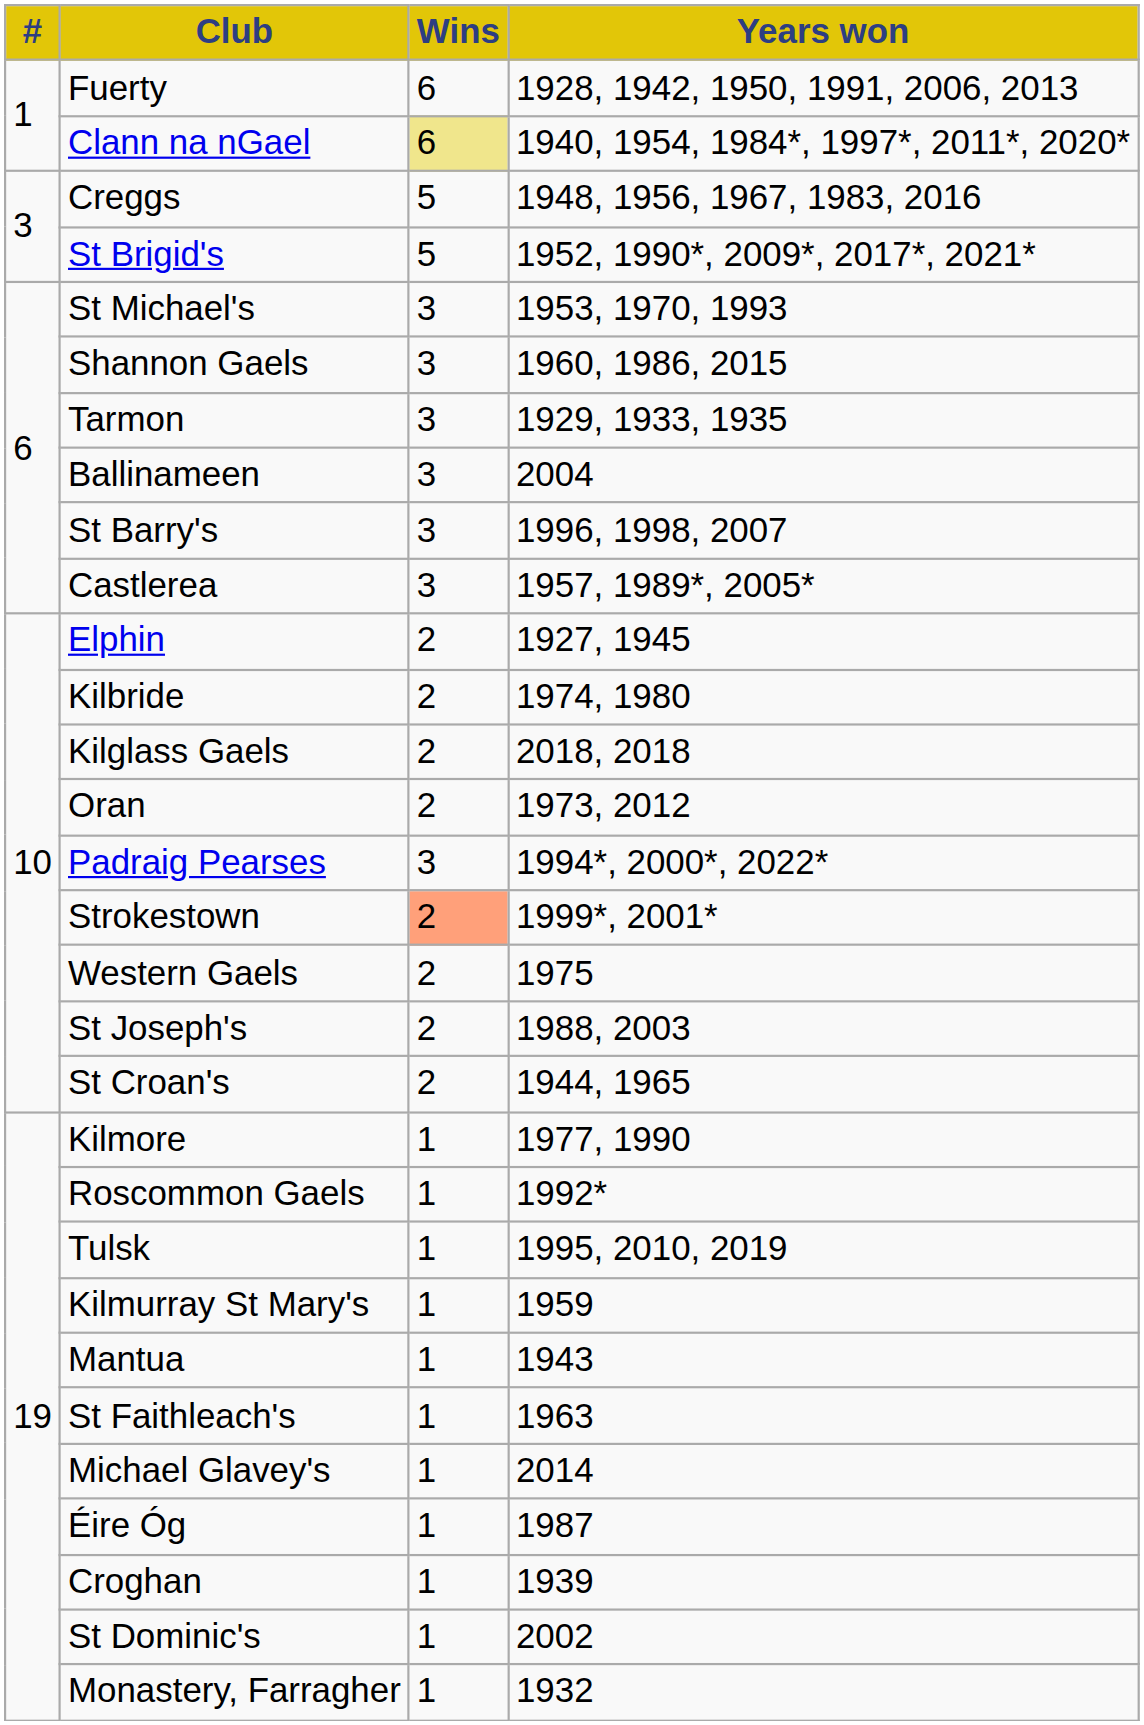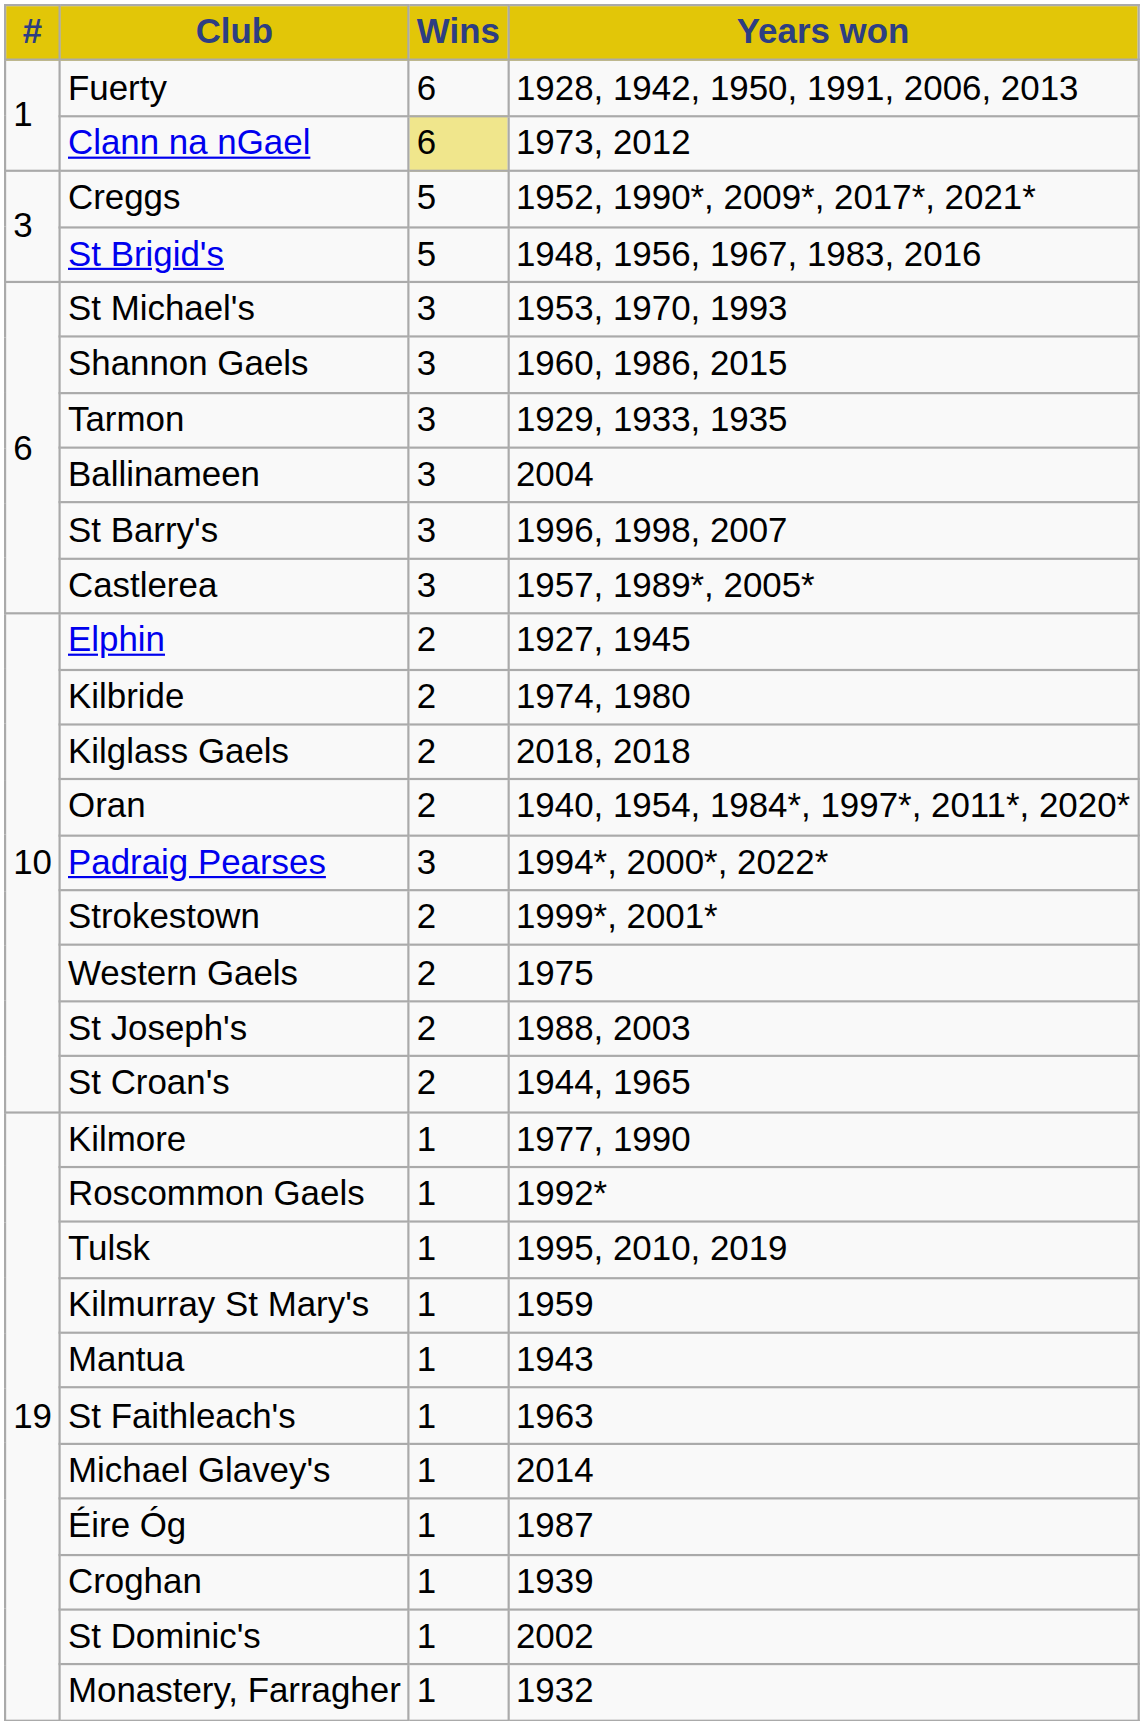 <table class="wikitable">
 <tr>
 <th style="background:#E2C608;color:#2D3E82;">#</th>
 <th style="background:#E2C608;color:#2D3E82;">Club</th>
 <th style="background:#E2C608;color:#2D3E82;">Wins</th>
 <th style="background:#E2C608;color:#2D3E82;">Years won</th>
 </tr>
 <tr>
 <td rowspan=2>1</td>
 <td>Fuerty</td>
 <td>6</td>
 <td>1928, 1942, 1950, 1991, 2006, 2013</td>
 </tr>
 <tr>
 <td><a href='#'>Clann na nGael</a></td>
 <td style="background: khaki;">6</td>
-<td>1940, 1954, 1984*, 1997*, 2011*, 2020*</td>
+<td>1973, 2012</td>
 </tr>
 <tr>
 <td rowspan=2>3</td>
 <td>Creggs</td>
 <td>5</td>
-<td>1948, 1956, 1967, 1983, 2016</td>
+<td>1952, 1990*, 2009*, 2017*, 2021*</td>
 </tr>
 <tr>
 <td><a href='#'>St Brigid's</a></td>
 <td>5</td>
-<td>1952, 1990*, 2009*, 2017*, 2021*</td>
+<td>1948, 1956, 1967, 1983, 2016</td>
 </tr>
 <tr>
 <td rowspan=6>6</td>
 <td>St Michael's</td>
 <td>3</td>
 <td>1953, 1970, 1993</td>
 </tr>
 <tr>
 <td>Shannon Gaels</td>
 <td>3</td>
 <td>1960, 1986, 2015</td>
 </tr>
 <tr>
 <td>Tarmon</td>
 <td>3</td>
 <td>1929, 1933, 1935</td>
 </tr>
 <tr>
 <td>Ballinameen</td>
 <td>3</td>
 <td>2004</td>
 </tr>
 <tr>
 <td>St Barry's</td>
 <td>3</td>
 <td>1996, 1998, 2007</td>
 </tr>
 <tr>
 <td>Castlerea</td>
 <td>3</td>
 <td>1957, 1989*, 2005*</td>
 </tr>
 <tr>
 <td rowspan=9>10</td>
 <td><a href='#'>Elphin</a></td>
 <td>2</td>
 <td>1927, 1945</td>
 </tr>
 <tr>
 <td>Kilbride</td>
 <td>2</td>
 <td>1974, 1980</td>
 </tr>
 <tr>
 <td>Kilglass Gaels</td>
 <td>2</td>
 <td>2018, 2018</td>
 </tr>
 <tr>
 <td>Oran</td>
 <td>2</td>
-<td>1973, 2012</td>
+<td>1940, 1954, 1984*, 1997*, 2011*, 2020*</td>
 </tr>
 <tr>
 <td><a href='#'>Padraig Pearses</a></td>
 <td>3</td>
 <td>1994*, 2000*, 2022*</td>
 </tr>
 <tr>
 <td>Strokestown</td>
-<td style="background: lightsalmon;">2</td>
+<td>2</td>
 <td>1999*, 2001*</td>
 </tr>
 <tr>
 <td>Western Gaels</td>
 <td>2</td>
 <td>1975</td>
 </tr>
 <tr>
 <td>St Joseph's</td>
 <td>2</td>
 <td>1988, 2003</td>
 </tr>
 <tr>
 <td>St Croan's</td>
 <td>2</td>
 <td>1944, 1965</td>
 </tr>
 <tr>
 <td rowspan=11>19</td>
 <td>Kilmore</td>
 <td>1</td>
 <td>1977, 1990</td>
 </tr>
 <tr>
 <td>Roscommon Gaels</td>
 <td>1</td>
 <td>1992*</td>
 </tr>
 <tr>
 <td>Tulsk</td>
 <td>1</td>
 <td>1995, 2010, 2019</td>
 </tr>
 <tr>
 <td>Kilmurray St Mary's</td>
 <td>1</td>
 <td>1959</td>
 </tr>
 <tr>
 <td>Mantua</td>
 <td>1</td>
 <td>1943</td>
 </tr>
 <tr>
 <td>St Faithleach's</td>
 <td>1</td>
 <td>1963</td>
 </tr>
 <tr>
 <td>Michael Glavey's</td>
 <td>1</td>
 <td>2014</td>
 </tr>
 <tr>
 <td>Éire Óg</td>
 <td>1</td>
 <td>1987</td>
 </tr>
 <tr>
 <td>Croghan</td>
 <td>1</td>
 <td>1939</td>
 </tr>
 <tr>
 <td>St Dominic's</td>
 <td>1</td>
 <td>2002</td>
 </tr>
 <tr>
 <td>Monastery, Farragher</td>
 <td>1</td>
 <td>1932</td>
 </tr>
 </table>
